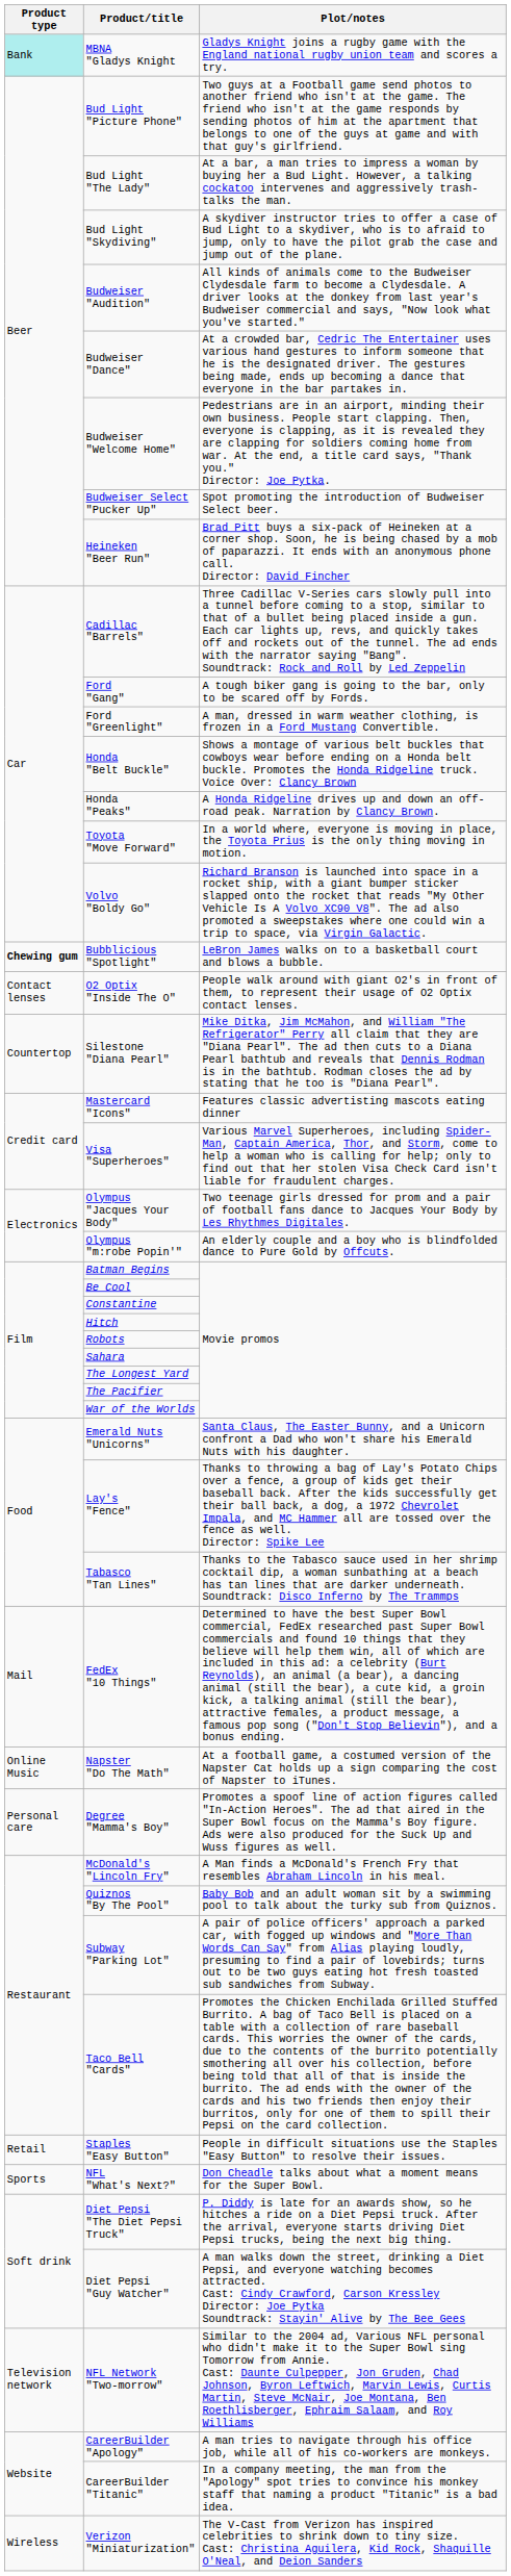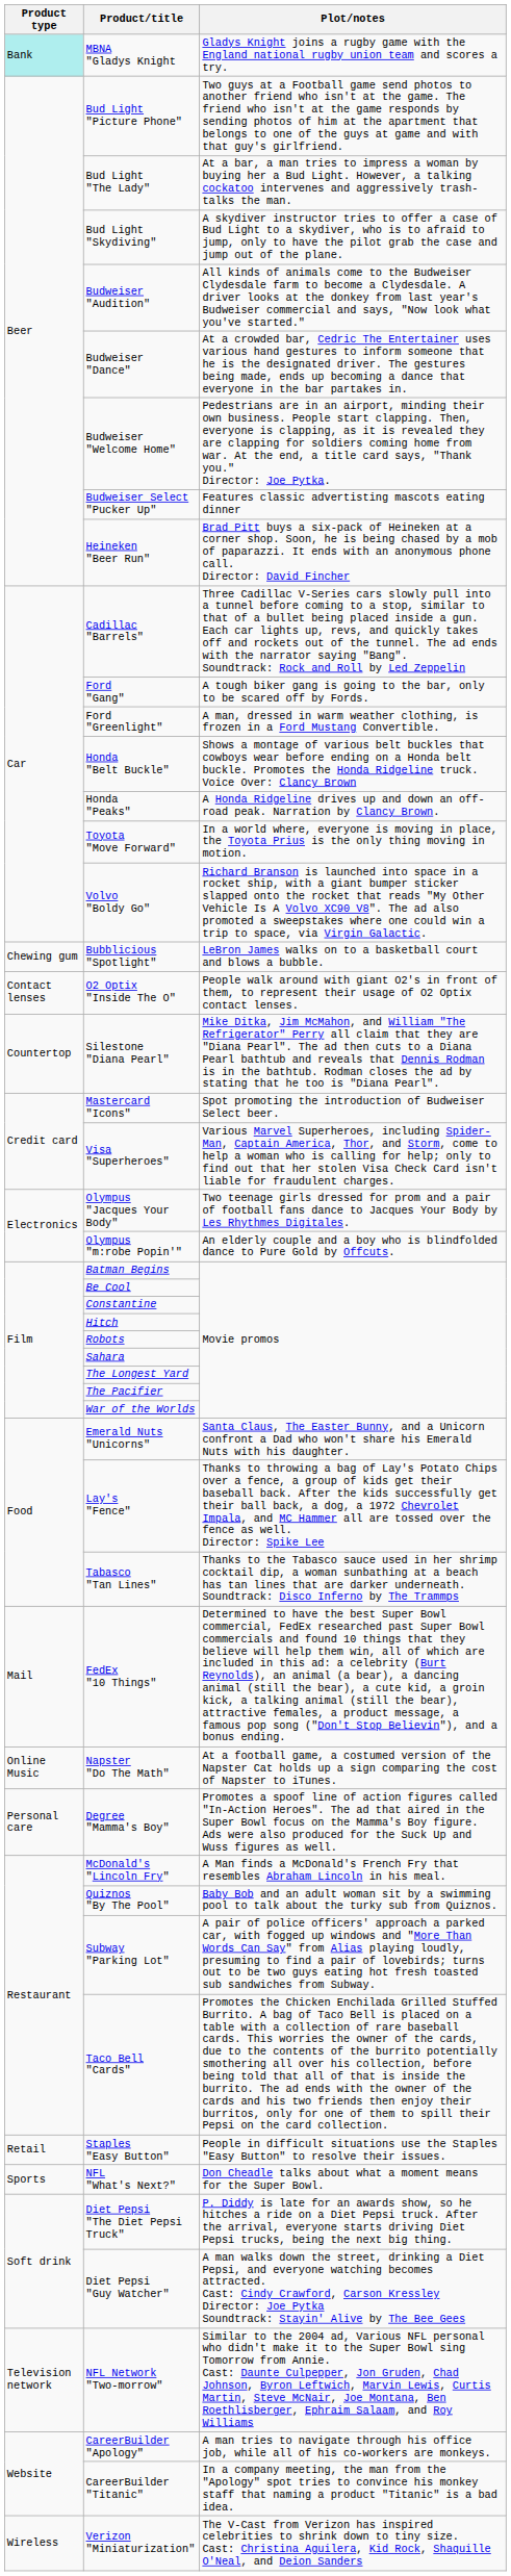 <table class="wikitable">
 <tr>
 <th>Product type</th>
 <th>Product/title</th>
 <th>Plot/notes</th>
 </tr>
 <tr>
 <td style="background: paleturquoise;">Bank</td>
 <td><a href='#'>MBNA</a><br>"Gladys Knight</td>
 <td><a href='#'>Gladys Knight</a> joins a rugby game with the <a href='#'>England national rugby union team</a> and scores a try.</td>
 </tr>
 <tr>
 <td rowspan="8">Beer</td>
 <td><a href='#'>Bud Light</a><br>"Picture Phone"</td>
 <td>Two guys at a Football game send photos to another friend who isn't at the game. The friend who isn't at the game responds by sending photos of him at the apartment that belongs to one of the guys at game and with that guy's girlfriend.</td>
 </tr>
 <tr>
 <td>Bud Light<br>"The Lady"</td>
 <td>At a bar, a man tries to impress a woman by buying her a Bud Light. However, a talking <a href='#'>cockatoo</a> intervenes and aggressively trash-talks the man.</td>
 </tr>
 <tr>
 <td>Bud Light<br>"Skydiving"</td>
 <td>A skydiver instructor tries to offer a case of Bud Light to a skydiver, who is to afraid to jump, only to have the pilot grab the case and jump out of the plane.</td>
 </tr>
 <tr>
 <td><a href='#'>Budweiser</a><br>"Audition"</td>
 <td>All kinds of animals come to the Budweiser Clydesdale farm to become a Clydesdale. A driver looks at the donkey from last year's Budweiser commercial and says, "Now look what you've started."</td>
 </tr>
 <tr>
 <td>Budweiser<br>"Dance"</td>
 <td>At a crowded bar, <a href='#'>Cedric The Entertainer</a> uses various hand gestures to inform someone that he is the designated driver. The gestures being made, ends up becoming a dance that everyone in the bar partakes in.</td>
 </tr>
 <tr>
 <td>Budweiser<br>"Welcome Home"</td>
 <td>Pedestrians are in an airport, minding their own business. People start clapping. Then, everyone is clapping, as it is revealed they are clapping for soldiers coming home from war. At the end, a title card says, "Thank you."<br>Director: <a href='#'>Joe Pytka</a>.</td>
 </tr>
 <tr>
 <td><a href='#'>Budweiser Select</a><br>"Pucker Up"</td>
-<td>Spot promoting the introduction of Budweiser Select beer.</td>
+<td>Features classic advertisting mascots eating dinner</td>
 </tr>
 <tr>
 <td><a href='#'>Heineken</a><br>"Beer Run"</td>
 <td><a href='#'>Brad Pitt</a> buys a six-pack of Heineken at a corner shop. Soon, he is being chased by a mob of paparazzi. It ends with an anonymous phone call.<br>Director: <a href='#'>David Fincher</a></td>
 </tr>
 <tr>
 <td rowspan="7">Car</td>
 <td><a href='#'>Cadillac</a><br>"Barrels"</td>
 <td>Three Cadillac V-Series cars slowly pull into a tunnel before coming to a stop, similar to that of a bullet being placed inside a gun. Each car lights up, revs, and quickly takes off and rockets out of the tunnel. The ad ends with the narrator saying "Bang".<br>Soundtrack: <a href='#'>Rock and Roll</a> by <a href='#'>Led Zeppelin</a></td>
 </tr>
 <tr>
 <td><a href='#'>Ford</a><br>"Gang"</td>
 <td>A tough biker gang is going to the bar, only to be scared off by Fords.</td>
 </tr>
 <tr>
 <td>Ford<br>"Greenlight"</td>
 <td>A man, dressed in warm weather clothing, is frozen in a <a href='#'>Ford Mustang</a> Convertible.</td>
 </tr>
 <tr>
 <td><a href='#'>Honda</a><br>"Belt Buckle"</td>
 <td>Shows a montage of various belt buckles that cowboys wear before ending on a Honda belt buckle. Promotes the <a href='#'>Honda Ridgeline</a> truck.<br>Voice Over: <a href='#'>Clancy Brown</a></td>
 </tr>
 <tr>
 <td>Honda<br>"Peaks"</td>
 <td>A <a href='#'>Honda Ridgeline</a> drives up and down an off-road peak. Narration by <a href='#'>Clancy Brown</a>.</td>
 </tr>
 <tr>
 <td><a href='#'>Toyota</a><br>"Move Forward"</td>
 <td>In a world where, everyone is moving in place, the <a href='#'>Toyota Prius</a> is the only thing moving in motion.</td>
 </tr>
 <tr>
 <td><a href='#'>Volvo</a><br>"Boldy Go"</td>
 <td><a href='#'>Richard Branson</a> is launched into space in a rocket ship, with a giant bumper sticker slapped onto the rocket that reads "My Other Vehicle Is A <a href='#'>Volvo XC90  V8</a>". The ad also promoted a sweepstakes where one could win a trip to space, via <a href='#'>Virgin Galactic</a>.</td>
 </tr>
 <tr>
-<td><strong>Chewing gum</strong></td>
+<td>Chewing gum</td>
 <td><a href='#'>Bubblicious</a><br>"Spotlight"</td>
 <td><a href='#'>LeBron James</a> walks on to a basketball court and blows a bubble.</td>
 </tr>
 <tr>
 <td>Contact lenses</td>
 <td><a href='#'>O2 Optix</a><br>"Inside The O"</td>
 <td>People walk around with giant O2's in front of them, to represent their usage of O2 Optix contact lenses.</td>
 </tr>
 <tr>
 <td>Countertop</td>
 <td>Silestone<br>"Diana Pearl"</td>
 <td><a href='#'>Mike Ditka</a>, <a href='#'>Jim McMahon</a>, and <a href='#'>William "The Refrigerator" Perry</a> all claim that they are "Diana Pearl". The ad then cuts to a Diana Pearl bathtub and reveals that <a href='#'>Dennis Rodman</a> is in the bathtub. Rodman closes the ad by stating that he too is "Diana Pearl".</td>
 </tr>
 <tr>
 <td rowspan="2">Credit card</td>
 <td><a href='#'>Mastercard</a><br>"Icons"</td>
-<td>Features classic advertisting mascots eating dinner</td>
+<td>Spot promoting the introduction of Budweiser Select beer.</td>
 </tr>
 <tr>
 <td><a href='#'>Visa</a><br>"Superheroes"</td>
 <td>Various <a href='#'>Marvel</a> Superheroes, including <a href='#'>Spider-Man</a>, <a href='#'>Captain America</a>, <a href='#'>Thor</a>, and <a href='#'>Storm</a>, come to help a woman who is calling for help; only to find out that her stolen Visa Check Card isn't liable for fraudulent charges.</td>
 </tr>
 <tr>
 <td rowspan="2">Electronics</td>
 <td><a href='#'>Olympus</a><br>"Jacques Your Body"</td>
 <td>Two teenage girls dressed for prom and a pair of football fans dance to Jacques Your Body by <a href='#'>Les Rhythmes Digitales</a>.</td>
 </tr>
 <tr>
 <td><a href='#'>Olympus</a><br>"m:robe Popin'"</td>
 <td>An elderly couple and a boy who is blindfolded dance to Pure Gold by <a href='#'>Offcuts</a>.</td>
 </tr>
 <tr>
 <td rowspan="9">Film</td>
 <td><em><a href='#'>Batman Begins</a></em></td>
 <td rowspan="9">Movie promos</td>
 </tr>
 <tr>
 <td><em><a href='#'>Be Cool</a></em></td>
 </tr>
 <tr>
 <td><em><a href='#'>Constantine</a></em></td>
 </tr>
 <tr>
 <td><em><a href='#'>Hitch</a></em></td>
 </tr>
 <tr>
 <td><em><a href='#'>Robots</a></em></td>
 </tr>
 <tr>
 <td><em><a href='#'>Sahara</a></em></td>
 </tr>
 <tr>
 <td><em><a href='#'>The Longest Yard</a></em></td>
 </tr>
 <tr>
 <td><em><a href='#'>The Pacifier</a></em></td>
 </tr>
 <tr>
 <td><em><a href='#'>War of the Worlds</a></em></td>
 </tr>
 <tr>
 <td rowspan="3">Food</td>
 <td><a href='#'>Emerald Nuts</a><br>"Unicorns"</td>
 <td><a href='#'>Santa Claus</a>, <a href='#'>The Easter Bunny</a>, and a Unicorn confront a Dad who won't share his Emerald Nuts with his daughter.</td>
 </tr>
 <tr>
 <td><a href='#'>Lay's</a><br>"Fence"</td>
 <td>Thanks to throwing a bag of Lay's Potato Chips over a fence, a group of kids get their baseball back. After the kids successfully get their ball back, a dog, a 1972 <a href='#'>Chevrolet Impala</a>, and <a href='#'>MC Hammer</a> all are tossed over the fence as well.<br>Director: <a href='#'>Spike Lee</a></td>
 </tr>
 <tr>
 <td><a href='#'>Tabasco</a><br>"Tan Lines"</td>
 <td>Thanks to the Tabasco sauce used in her shrimp cocktail dip, a woman sunbathing at a beach has tan lines that are darker underneath.<br>Soundtrack: <a href='#'>Disco Inferno</a> by <a href='#'>The Trammps</a></td>
 </tr>
 <tr>
 <td>Mail</td>
 <td><a href='#'>FedEx</a><br>"10 Things"</td>
 <td>Determined to have the best Super Bowl commercial, FedEx researched past Super Bowl commercials and found 10 things that they believe will help them win, all of which are included in this ad: a celebrity (<a href='#'>Burt Reynolds</a>), an animal (a bear), a dancing animal (still the bear), a cute kid, a groin kick, a talking animal (still the bear), attractive females, a product message, a famous pop song ("<a href='#'>Don't Stop Believin</a>"), and a bonus ending.</td>
 </tr>
 <tr>
 <td>Online Music</td>
 <td><a href='#'>Napster</a><br>"Do The Math"</td>
 <td>At a football game, a costumed version of the Napster Cat holds up a sign comparing the cost of Napster to iTunes.</td>
 </tr>
 <tr>
 <td>Personal care</td>
 <td><a href='#'>Degree</a><br>"Mamma's Boy"</td>
 <td>Promotes a spoof line of action figures called "In-Action Heroes". The ad that aired in the Super Bowl focus on the Mamma's Boy figure. Ads were also produced for the Suck Up and Wuss figures as well.</td>
 </tr>
 <tr>
 <td rowspan="4">Restaurant</td>
 <td><a href='#'>McDonald's</a><br>"<a href='#'>Lincoln Fry</a>"</td>
 <td>A Man finds a McDonald's French Fry that resembles <a href='#'>Abraham Lincoln</a> in his meal.</td>
 </tr>
 <tr>
 <td><a href='#'>Quiznos</a><br>"By The Pool"</td>
 <td><a href='#'>Baby Bob</a> and an adult woman sit by a swimming pool to talk about the turky sub from Quiznos.</td>
 </tr>
 <tr>
 <td><a href='#'>Subway</a><br>"Parking Lot"</td>
 <td>A pair of police officers' approach a parked car, with fogged up windows and "<a href='#'>More Than Words Can Say</a>" from <a href='#'>Alias</a> playing loudly, presuming to find a pair of lovebirds; turns out to be two guys eating hot fresh toasted sub sandwiches from Subway.</td>
 </tr>
 <tr>
 <td><a href='#'>Taco Bell</a><br>"Cards"</td>
 <td>Promotes the Chicken Enchilada Grilled Stuffed Burrito. A bag of Taco Bell is placed on a table with a collection of rare baseball cards. This worries the owner of the cards, due to the contents of the burrito potentially smothering all over his collection, before being told that all of that is inside the burrito. The ad ends with the owner of the cards and his two friends then enjoy their burritos, only for one of them to spill their Pepsi on the card collection.</td>
 </tr>
 <tr>
 <td>Retail</td>
 <td><a href='#'>Staples</a><br>"Easy Button"</td>
 <td>People in difficult situations use the Staples "Easy Button" to resolve their issues.</td>
 </tr>
 <tr>
 <td>Sports</td>
 <td><a href='#'>NFL</a><br>"What's Next?"</td>
 <td><a href='#'>Don Cheadle</a> talks about what a moment means for the Super Bowl.</td>
 </tr>
 <tr>
 <td rowspan="2">Soft drink</td>
 <td><a href='#'>Diet Pepsi</a><br>"The Diet Pepsi Truck"</td>
 <td><a href='#'>P. Diddy</a> is late for an awards show, so he hitches a ride on a Diet Pepsi truck. After the arrival, everyone starts driving Diet Pepsi trucks, being the next big thing.</td>
 </tr>
 <tr>
 <td>Diet Pepsi<br>"Guy Watcher"</td>
 <td>A man walks down the street, drinking a Diet Pepsi, and everyone watching becomes attracted.<br>Cast: <a href='#'>Cindy Crawford</a>, <a href='#'>Carson Kressley</a><br>Director: <a href='#'>Joe Pytka</a><br>Soundtrack: <a href='#'>Stayin' Alive</a> by <a href='#'>The Bee Gees</a></td>
 </tr>
 <tr>
 <td>Television network</td>
 <td><a href='#'>NFL Network</a><br>"Two-morrow"</td>
 <td>Similar to the 2004 ad, Various NFL personal who didn't make it to the Super Bowl sing Tomorrow from Annie.<br>Cast: <a href='#'>Daunte Culpepper</a>, <a href='#'>Jon Gruden</a>, <a href='#'>Chad Johnson</a>, <a href='#'>Byron Leftwich</a>, <a href='#'>Marvin Lewis</a>, <a href='#'>Curtis Martin</a>, <a href='#'>Steve McNair</a>, <a href='#'>Joe Montana</a>, <a href='#'>Ben Roethlisberger</a>, <a href='#'>Ephraim Salaam</a>, and <a href='#'>Roy Williams</a></td>
 </tr>
 <tr>
 <td rowspan="2">Website</td>
 <td><a href='#'>CareerBuilder</a><br>"Apology"</td>
 <td>A man tries to navigate through his office job, while all of his co-workers are monkeys.</td>
 </tr>
 <tr>
 <td>CareerBuilder<br>"Titanic"</td>
 <td>In a company meeting, the man from the "Apology" spot tries to convince his monkey staff that naming a product "Titanic" is a bad idea.</td>
 </tr>
 <tr>
 <td>Wireless</td>
 <td><a href='#'>Verizon</a><br>"Miniaturization"</td>
 <td>The V-Cast from Verizon has inspired celebrities to shrink down to tiny size.<br>Cast: <a href='#'>Christina Aguilera</a>, <a href='#'>Kid Rock</a>, <a href='#'>Shaquille O'Neal</a>, and <a href='#'>Deion Sanders</a></td>
 </tr>
 </table>
